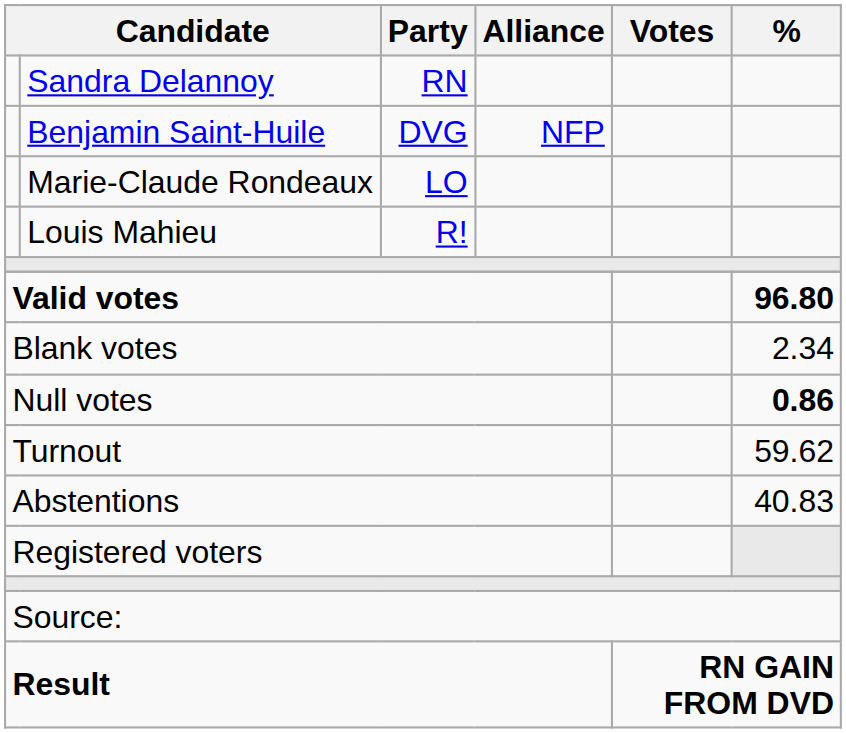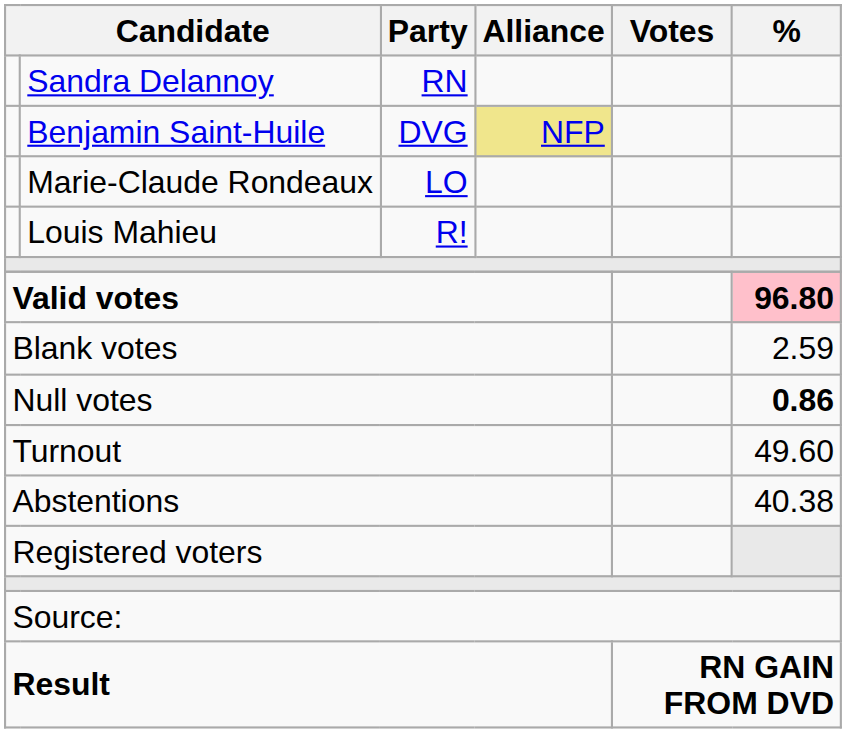 <table class="wikitable" style="text-align:right;font-size:95%;">
 <tr>
 <th colspan="2" rowspan="2">Candidate</th>
 <th colspan="1" rowspan="2">Party</th>
 <th colspan="1" rowspan="2">Alliance</th>
 </tr>
 <tr>
 <th style="width:50px;">Votes</th>
 <th style="width:45px;">%</th>
 </tr>
 <tr>
 <td style="color:inherit;background:"></td>
 <td style="text-align:left;"><a href='#'>Sandra Delannoy</a></td>
 <td><a href='#'>RN</a></td>
 <td></td>
 <td><strong> </strong></td>
 <td><strong> </strong></td>
 </tr>
 <tr>
 <td style="color:inherit;background:"></td>
 <td style="text-align:left;"><a href='#'>Benjamin Saint-Huile</a></td>
 <td><a href='#'>DVG</a></td>
-<td><a href='#'>NFP</a></td>
+<td style="background: khaki;"><a href='#'>NFP</a></td>
 <td></td>
 <td></td>
 </tr>
 <tr>
 <td style="color:inherit;background:"></td>
 <td style="text-align:left;">Marie-Claude Rondeaux</td>
 <td><a href='#'>LO</a></td>
 <td></td>
 <td></td>
 <td></td>
 </tr>
 <tr>
 <td style="color:inherit;background:"></td>
 <td style="text-align:left;">Louis Mahieu</td>
 <td><a href='#'>R!</a></td>
 <td></td>
 <td></td>
 <td></td>
 </tr>
 <tr>
 <td colspan="8" style="background:#E9E9E9;"></td>
 </tr>
 <tr>
 </tr>
 <tr style="font-weight:bold;">
 <td colspan="4" style="text-align:left;">Valid votes</td>
 <td></td>
-<td>96.80</td>
+<td style="background: pink;">96.80</td>
 </tr>
 <tr>
 <td colspan="4" style="text-align:left;">Blank votes</td>
 <td></td>
-<td>2.34</td>
+<td>2.59</td>
 </tr>
 <tr>
 <td colspan="4" style="text-align:left;">Null votes</td>
 <td></td>
 <td><strong>0.86</strong></td>
 </tr>
 <tr>
 <td colspan="4" style="text-align:left;">Turnout</td>
 <td></td>
-<td>59.62</td>
+<td>49.60</td>
 </tr>
 <tr>
 <td colspan="4" style="text-align:left;">Abstentions</td>
 <td></td>
-<td>40.83</td>
+<td>40.38</td>
 </tr>
 <tr>
 <td colspan="4" style="text-align:left;">Registered voters</td>
 <td></td>
 <td style="background:#E9E9E9;"></td>
 </tr>
 <tr>
 <td colspan="8" style="background:#E9E9E9;"></td>
 </tr>
 <tr>
 <td colspan="8" style="text-align:left;">Source: </td>
 </tr>
 <tr style="font-weight:bold">
 <td colspan="4" style="text-align:left;">Result</td>
 <td colspan="4" style="background-color:">RN GAIN FROM DVD</td>
 </tr>
 </table>
